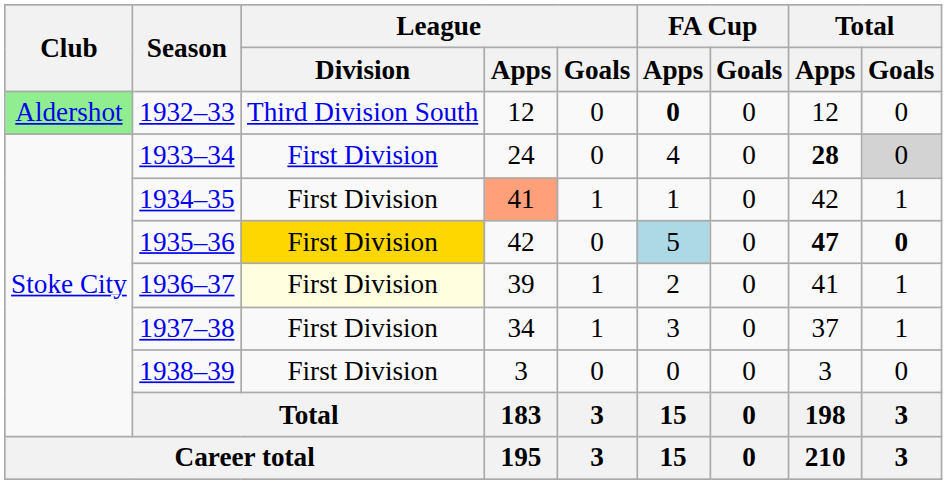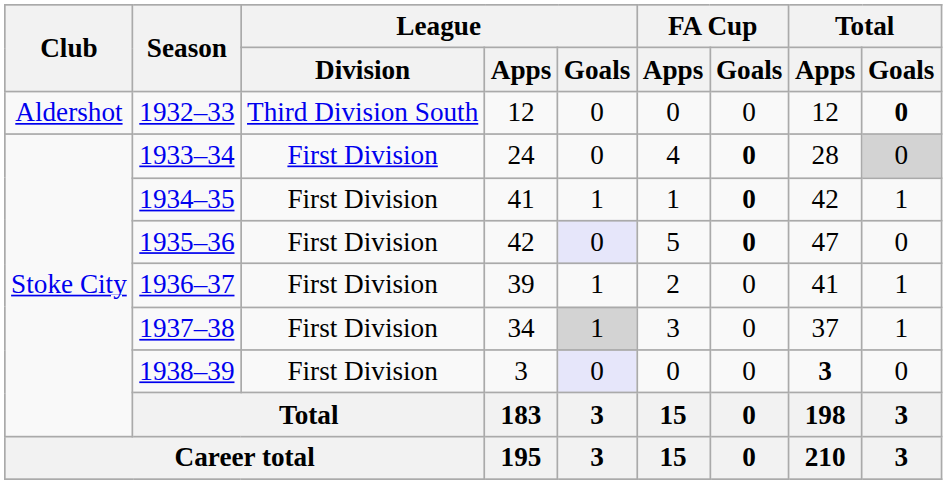 <table class="wikitable" style="text-align: center;">
 <tr>
 <th rowspan="2">Club</th>
 <th rowspan="2">Season</th>
 <th colspan="3">League</th>
 <th colspan="2">FA Cup</th>
 <th colspan="2">Total</th>
 </tr>
 <tr>
 <th>Division</th>
 <th>Apps</th>
 <th>Goals</th>
 <th>Apps</th>
 <th>Goals</th>
 <th>Apps</th>
 <th>Goals</th>
 </tr>
 <tr>
-<td style="background: lightgreen;"><a href='#'>Aldershot</a></td>
+<td><a href='#'>Aldershot</a></td>
 <td><a href='#'>1932–33</a></td>
 <td><a href='#'>Third Division South</a></td>
 <td>12</td>
 <td>0</td>
-<td><strong>0</strong></td>
+<td>0</td>
 <td>0</td>
 <td>12</td>
-<td>0</td>
+<td><strong>0</strong></td>
 </tr>
 <tr>
 <td rowspan="7"><a href='#'>Stoke City</a></td>
 <td><a href='#'>1933–34</a></td>
 <td><a href='#'>First Division</a></td>
 <td>24</td>
 <td>0</td>
 <td>4</td>
-<td>0</td>
-<td><strong>28</strong></td>
+<td><strong>0</strong></td>
+<td>28</td>
 <td style="background: lightgrey;">0</td>
 </tr>
 <tr>
 <td><a href='#'>1934–35</a></td>
 <td>First Division</td>
-<td style="background: lightsalmon;">41</td>
+<td>41</td>
 <td>1</td>
 <td>1</td>
-<td>0</td>
+<td><strong>0</strong></td>
 <td>42</td>
 <td>1</td>
 </tr>
 <tr>
 <td><a href='#'>1935–36</a></td>
-<td style="background: gold;">First Division</td>
+<td>First Division</td>
 <td>42</td>
+<td style="background: lavender;">0</td>
+<td>5</td>
+<td><strong>0</strong></td>
+<td>47</td>
 <td>0</td>
-<td style="background: lightblue;">5</td>
-<td>0</td>
-<td><strong>47</strong></td>
-<td><strong>0</strong></td>
 </tr>
 <tr>
 <td><a href='#'>1936–37</a></td>
-<td style="background: lightyellow;">First Division</td>
+<td>First Division</td>
 <td>39</td>
 <td>1</td>
 <td>2</td>
 <td>0</td>
 <td>41</td>
 <td>1</td>
 </tr>
 <tr>
 <td><a href='#'>1937–38</a></td>
 <td>First Division</td>
 <td>34</td>
-<td>1</td>
+<td style="background: lightgrey;">1</td>
 <td>3</td>
 <td>0</td>
 <td>37</td>
 <td>1</td>
 </tr>
 <tr>
 <td><a href='#'>1938–39</a></td>
 <td>First Division</td>
 <td>3</td>
+<td style="background: lavender;">0</td>
 <td>0</td>
 <td>0</td>
-<td>0</td>
-<td>3</td>
+<td><strong>3</strong></td>
 <td>0</td>
 </tr>
 <tr>
 <th colspan="2">Total</th>
 <th>183</th>
 <th>3</th>
 <th>15</th>
 <th>0</th>
 <th>198</th>
 <th>3</th>
 </tr>
 <tr>
 <th colspan="3">Career total</th>
 <th>195</th>
 <th>3</th>
 <th>15</th>
 <th>0</th>
 <th>210</th>
 <th>3</th>
 </tr>
 </table>
